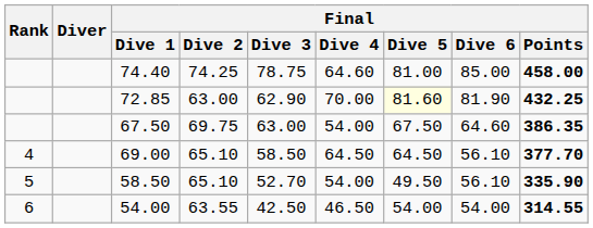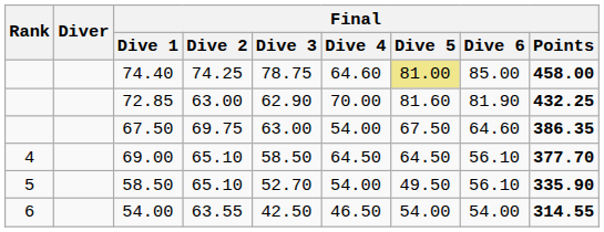 <table class="wikitable sortable"  style="text-align:center">
 <tr>
 <th rowspan="2" data-sort-type=number>Rank</th>
 <th rowspan="2">Diver</th>
 <th colspan="7">Final</th>
 </tr>
 <tr>
 <th>Dive 1</th>
 <th>Dive 2</th>
 <th>Dive 3</th>
 <th>Dive 4</th>
 <th>Dive 5</th>
 <th>Dive 6</th>
 <th>Points</th>
 </tr>
 <tr>
 <td></td>
 <td align="left"></td>
 <td>74.40</td>
 <td>74.25</td>
 <td>78.75</td>
 <td>64.60</td>
-<td>81.00</td>
+<td style="background: khaki;">81.00</td>
 <td>85.00</td>
 <td><strong>458.00</strong></td>
 </tr>
 <tr>
 <td></td>
 <td align="left"></td>
 <td>72.85</td>
 <td>63.00</td>
 <td>62.90</td>
 <td>70.00</td>
-<td style="background: lightyellow;">81.60</td>
+<td>81.60</td>
 <td>81.90</td>
 <td><strong>432.25</strong></td>
 </tr>
 <tr>
 <td></td>
 <td align="left"></td>
 <td>67.50</td>
 <td>69.75</td>
 <td>63.00</td>
 <td>54.00</td>
 <td>67.50</td>
 <td>64.60</td>
 <td><strong>386.35</strong></td>
 </tr>
 <tr>
 <td>4</td>
 <td align="left"></td>
 <td>69.00</td>
 <td>65.10</td>
 <td>58.50</td>
 <td>64.50</td>
 <td>64.50</td>
 <td>56.10</td>
 <td><strong>377.70</strong></td>
 </tr>
 <tr>
 <td>5</td>
 <td align="left"></td>
 <td>58.50</td>
 <td>65.10</td>
 <td>52.70</td>
 <td>54.00</td>
 <td>49.50</td>
 <td>56.10</td>
 <td><strong>335.90</strong></td>
 </tr>
 <tr>
 <td>6</td>
 <td align="left"></td>
 <td>54.00</td>
 <td>63.55</td>
 <td>42.50</td>
 <td>46.50</td>
 <td>54.00</td>
 <td>54.00</td>
 <td><strong>314.55</strong></td>
 </tr>
 </table>
